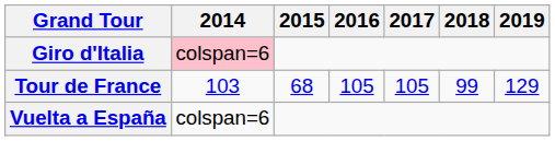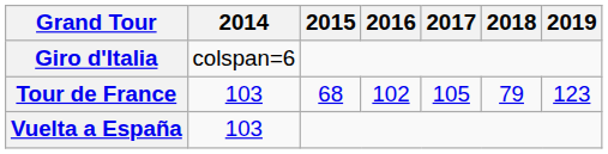 <table class="wikitable plainrowheaders">
 <tr>
 <th scope="col"><a href='#'>Grand Tour</a></th>
 <th scope="col">2014</th>
 <th scope="col">2015</th>
 <th scope="col">2016</th>
 <th scope="col">2017</th>
 <th scope="col">2018</th>
 <th scope="col">2019</th>
 </tr>
 <tr style="text-align:center;">
 <th scope="row"> <a href='#'>Giro d'Italia</a></th>
-<td style="background: pink;">colspan=6 </td>
+<td>colspan=6 </td>
 </tr>
 <tr style="text-align:center;">
 <th scope="row"> <a href='#'>Tour de France</a></th>
 <td><a href='#'>103</a></td>
 <td><a href='#'>68</a></td>
+<td><a href='#'>102</a></td>
 <td><a href='#'>105</a></td>
-<td><a href='#'>105</a></td>
-<td><a href='#'>99</a></td>
-<td><a href='#'>129</a></td>
+<td><a href='#'>79</a></td>
+<td><a href='#'>123</a></td>
 </tr>
 <tr style="text-align:center;">
 <th scope="row"> <a href='#'>Vuelta a España</a></th>
-<td>colspan=6 </td>
+<td><a href='#'>103</a></td>
 </tr>
 </table>
